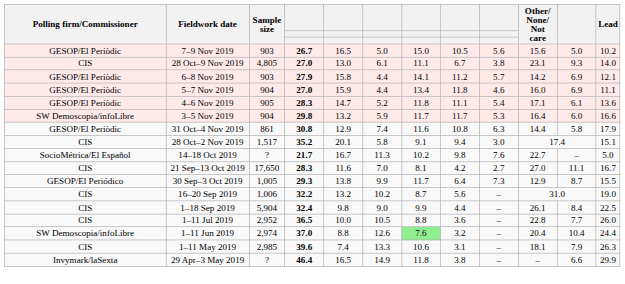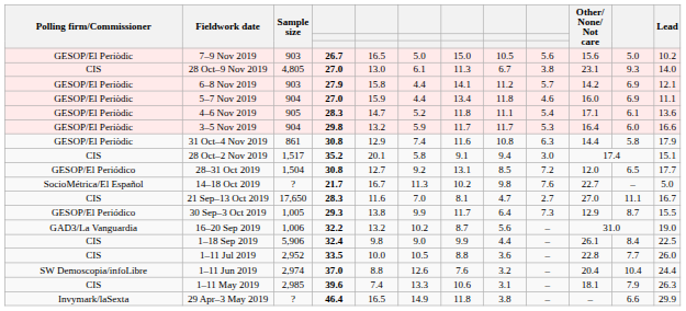 <table class="wikitable collapsible collapsed" style="text-align:center; font-size:90%; line-height:14px;">
 <tr style="height:42px;">
 <th style="width:250px;" rowspan="3">Polling firm/Commissioner</th>
 <th style="width:125px;" rowspan="3">Fieldwork date</th>
 <th style="width:50px;" rowspan="3">Sample size</th>
 <th style="width:55px;"></th>
 <th style="width:55px;"></th>
 <th style="width:55px;"></th>
 <th style="width:55px;"></th>
 <th style="width:55px;"></th>
 <th style="width:55px;"></th>
 <th style="width:55px;" rowspan="3">Other/<br>None/<br>Not<br>care</th>
 <th style="width:55px;" rowspan="3"></th>
 <th style="width:30px;" rowspan="3">Lead</th>
 </tr>
 <tr>
 <th style="color:inherit;background:"></th>
 <th style="color:inherit;background:"></th>
 <th style="color:inherit;background:"></th>
 <th style="color:inherit;background:"></th>
 <th style="color:inherit;background:"></th>
 <th style="color:inherit;background:"></th>
 </tr>
 <tr>
 <th></th>
 <th></th>
 <th></th>
 <th></th>
 <th></th>
 <th></th>
 </tr>
 <tr style="background:#FFEAEA;">
 <td>GESOP/El Periòdic</td>
 <td>7–9 Nov 2019</td>
 <td>903</td>
 <td><strong>26.7</strong></td>
 <td>16.5</td>
 <td>5.0</td>
 <td>15.0</td>
 <td>10.5</td>
 <td>5.6</td>
 <td>15.6</td>
 <td>5.0</td>
 <td style="background:">10.2</td>
 </tr>
 <tr style="background:#FFEAEA;">
 <td>CIS</td>
 <td>28 Oct–9 Nov 2019</td>
 <td>4,805</td>
 <td><strong>27.0</strong></td>
 <td>13.0</td>
 <td>6.1</td>
-<td>11.1</td>
+<td>11.3</td>
 <td>6.7</td>
 <td>3.8</td>
 <td>23.1</td>
 <td>9.3</td>
 <td style="background:">14.0</td>
 </tr>
 <tr style="background:#FFEAEA;">
 <td>GESOP/El Periòdic</td>
 <td>6–8 Nov 2019</td>
 <td>903</td>
 <td><strong>27.9</strong></td>
 <td>15.8</td>
 <td>4.4</td>
 <td>14.1</td>
 <td>11.2</td>
 <td>5.7</td>
 <td>14.2</td>
 <td>6.9</td>
 <td style="background:">12.1</td>
 </tr>
 <tr style="background:#FFEAEA;">
 <td>GESOP/El Periòdic</td>
 <td>5–7 Nov 2019</td>
 <td>904</td>
 <td><strong>27.0</strong></td>
 <td>15.9</td>
 <td>4.4</td>
 <td>13.4</td>
 <td>11.8</td>
 <td>4.6</td>
 <td>16.0</td>
 <td>6.9</td>
 <td style="background:">11.1</td>
 </tr>
 <tr style="background:#FFEAEA;">
 <td>GESOP/El Periòdic</td>
 <td>4–6 Nov 2019</td>
 <td>905</td>
 <td><strong>28.3</strong></td>
 <td>14.7</td>
 <td>5.2</td>
 <td>11.8</td>
 <td>11.1</td>
 <td>5.4</td>
 <td>17.1</td>
 <td>6.1</td>
 <td style="background:">13.6</td>
 </tr>
 <tr style="background:#FFEAEA;">
-<td>SW Demoscopia/infoLibre</td>
+<td>GESOP/El Periòdic</td>
 <td>3–5 Nov 2019</td>
 <td>904</td>
 <td><strong>29.8</strong></td>
 <td>13.2</td>
 <td>5.9</td>
 <td>11.7</td>
 <td>11.7</td>
 <td>5.3</td>
 <td>16.4</td>
 <td>6.0</td>
 <td style="background:">16.6</td>
 </tr>
 <tr>
 <td>GESOP/El Periòdic</td>
 <td>31 Oct–4 Nov 2019</td>
 <td>861</td>
 <td><strong>30.8</strong></td>
 <td>12.9</td>
 <td>7.4</td>
 <td>11.6</td>
 <td>10.8</td>
 <td>6.3</td>
 <td>14.4</td>
 <td>5.8</td>
 <td style="background:">17.9</td>
 </tr>
 <tr>
 <td>CIS</td>
 <td>28 Oct–2 Nov 2019</td>
 <td>1,517</td>
 <td><strong>35.2</strong></td>
 <td>20.1</td>
 <td>5.8</td>
 <td>9.1</td>
 <td>9.4</td>
 <td>3.0</td>
 <td colspan="2">17.4</td>
 <td style="background:">15.1</td>
 </tr>
 <tr>
+<td>GESOP/El Periódico</td>
+<td>28–31 Oct 2019</td>
+<td>1,504</td>
+<td><strong>30.8</strong></td>
+<td>12.7</td>
+<td>9.2</td>
+<td>13.1</td>
+<td>8.5</td>
+<td>7.2</td>
+<td>12.0</td>
+<td>6.5</td>
+<td style="background:">17.7</td>
+</tr>
+<tr>
 <td>SocioMétrica/El Español</td>
 <td>14–18 Oct 2019</td>
 <td>?</td>
 <td><strong>21.7</strong></td>
 <td>16.7</td>
 <td>11.3</td>
 <td>10.2</td>
 <td>9.8</td>
 <td>7.6</td>
 <td>22.7</td>
 <td>–</td>
 <td style="background:">5.0</td>
 </tr>
 <tr>
 <td>CIS</td>
 <td>21 Sep–13 Oct 2019</td>
 <td>17,650</td>
 <td><strong>28.3</strong></td>
 <td>11.6</td>
 <td>7.0</td>
 <td>8.1</td>
-<td>4.2</td>
+<td>4.7</td>
 <td>2.7</td>
 <td>27.0</td>
 <td>11.1</td>
 <td style="background:">16.7</td>
 </tr>
 <tr>
 <td>GESOP/El Periódico</td>
 <td>30 Sep–3 Oct 2019</td>
 <td>1,005</td>
 <td><strong>29.3</strong></td>
 <td>13.8</td>
 <td>9.9</td>
 <td>11.7</td>
 <td>6.4</td>
 <td>7.3</td>
 <td>12.9</td>
 <td>8.7</td>
 <td style="background:">15.5</td>
 </tr>
 <tr>
-<td>CIS</td>
+<td>GAD3/La Vanguardia</td>
 <td>16–20 Sep 2019</td>
 <td>1,006</td>
 <td><strong>32.2</strong></td>
 <td>13.2</td>
 <td>10.2</td>
 <td>8.7</td>
 <td>5.6</td>
 <td>–</td>
 <td colspan="2">31.0</td>
 <td style="background:">19.0</td>
 </tr>
 <tr>
 <td>CIS</td>
 <td>1–18 Sep 2019</td>
-<td>5,904</td>
+<td>5,906</td>
 <td><strong>32.4</strong></td>
 <td>9.8</td>
 <td>9.0</td>
 <td>9.9</td>
 <td>4.4</td>
 <td>–</td>
 <td>26.1</td>
 <td>8.4</td>
 <td style="background:">22.5</td>
 </tr>
 <tr>
 <td>CIS</td>
 <td>1–11 Jul 2019</td>
 <td>2,952</td>
-<td><strong>36.5</strong></td>
+<td><strong>33.5</strong></td>
 <td>10.0</td>
 <td>10.5</td>
 <td>8.8</td>
 <td>3.6</td>
 <td>–</td>
 <td>22.8</td>
 <td>7.7</td>
 <td style="background:">26.0</td>
 </tr>
 <tr>
 <td>SW Demoscopia/infoLibre</td>
 <td>1–11 Jun 2019</td>
 <td>2,974</td>
 <td><strong>37.0</strong></td>
 <td>8.8</td>
 <td>12.6</td>
-<td style="background: lightgreen;">7.6</td>
+<td>7.6</td>
 <td>3.2</td>
 <td>–</td>
 <td>20.4</td>
 <td>10.4</td>
 <td style="background:">24.4</td>
 </tr>
 <tr>
 <td>CIS</td>
 <td>1–11 May 2019</td>
 <td>2,985</td>
 <td><strong>39.6</strong></td>
 <td>7.4</td>
 <td>13.3</td>
 <td>10.6</td>
 <td>3.1</td>
 <td>–</td>
 <td>18.1</td>
 <td>7.9</td>
 <td style="background:">26.3</td>
 </tr>
 <tr>
 <td>Invymark/laSexta</td>
 <td>29 Apr–3 May 2019</td>
 <td>?</td>
 <td><strong>46.4</strong></td>
 <td>16.5</td>
 <td>14.9</td>
 <td>11.8</td>
 <td>3.8</td>
 <td>–</td>
 <td>–</td>
 <td>6.6</td>
 <td style="background:">29.9</td>
 </tr>
 </table>
